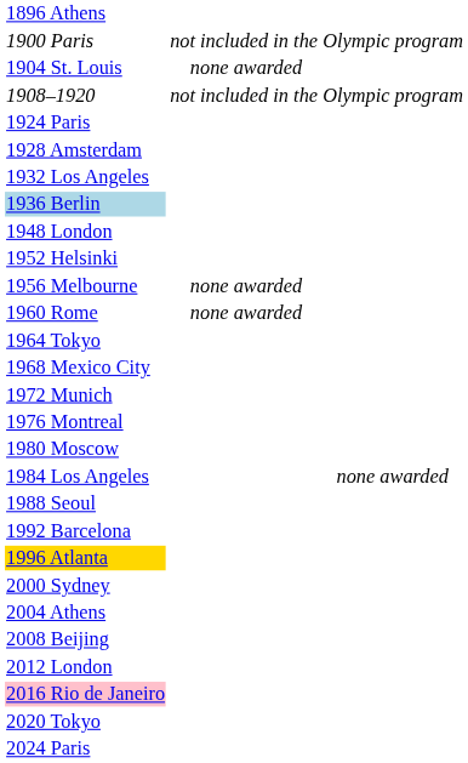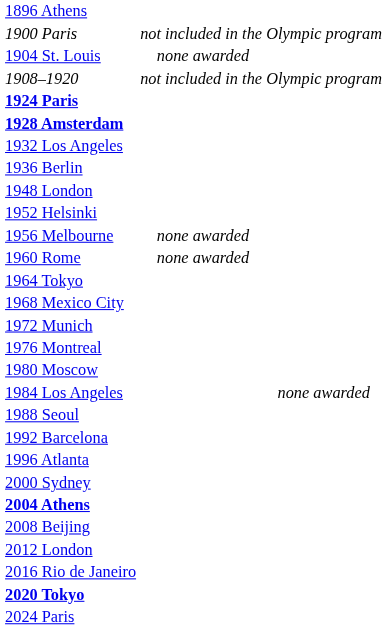 <table>
 <tr>
 <td><a href='#'>1896 Athens</a><br></td>
 <td></td>
 <td></td>
 <td></td>
 </tr>
 <tr>
 <td><em>1900 Paris</em></td>
 <td colspan=3 align=center><em>not included in the Olympic program</em></td>
 </tr>
 <tr valign="top">
 <td rowspan="2"><a href='#'>1904 St. Louis</a><br></td>
 <td></td>
 <td rowspan="2"  align="center"><em>none awarded</em></td>
 <td rowspan="2"></td>
 </tr>
 <tr>
 <td></td>
 </tr>
 <tr>
 <td><em>1908–1920</em></td>
 <td colspan=3 align=center><em>not included in the Olympic program</em></td>
 </tr>
 <tr>
-<td><a href='#'>1924 Paris</a><br></td>
+<td><strong><a href='#'>1924 Paris</a><br></strong></td>
 <td></td>
 <td></td>
 <td></td>
 </tr>
 <tr>
-<td><a href='#'>1928 Amsterdam</a><br></td>
+<td><strong><a href='#'>1928 Amsterdam</a><br></strong></td>
 <td></td>
 <td></td>
 <td></td>
 </tr>
 <tr>
 <td><a href='#'>1932 Los Angeles</a><br></td>
 <td></td>
 <td></td>
 <td></td>
 </tr>
 <tr>
-<td style="background: lightblue;"><a href='#'>1936 Berlin</a><br></td>
+<td><a href='#'>1936 Berlin</a><br></td>
 <td></td>
 <td></td>
 <td></td>
 </tr>
 <tr valign="top">
 <td rowspan="3"><a href='#'>1948 London</a><br></td>
 <td rowspan="3"></td>
 <td rowspan="3"></td>
 <td></td>
 </tr>
 <tr>
 <td></td>
 </tr>
 <tr>
 <td></td>
 </tr>
 <tr valign="top">
 <td rowspan="2"><a href='#'>1952 Helsinki</a><br></td>
 <td rowspan="2"></td>
 <td rowspan="2"></td>
 <td></td>
 </tr>
 <tr>
 <td></td>
 </tr>
 <tr valign="top">
 <td rowspan="2"><a href='#'>1956 Melbourne</a><br></td>
 <td></td>
 <td rowspan="2"  align="center"><em>none awarded</em></td>
 <td rowspan="2"></td>
 </tr>
 <tr>
 <td></td>
 </tr>
 <tr valign="top">
 <td rowspan="2"><a href='#'>1960 Rome</a><br></td>
 <td></td>
 <td rowspan="2"  align="center"><em>none awarded</em></td>
 <td rowspan="2"></td>
 </tr>
 <tr>
 <td></td>
 </tr>
 <tr>
 <td><a href='#'>1964 Tokyo</a><br></td>
 <td></td>
 <td></td>
 <td></td>
 </tr>
 <tr>
 <td><a href='#'>1968 Mexico City</a><br></td>
 <td></td>
 <td></td>
 <td></td>
 </tr>
 <tr>
 <td><a href='#'>1972 Munich</a><br></td>
 <td></td>
 <td></td>
 <td></td>
 </tr>
 <tr>
 <td><a href='#'>1976 Montreal</a><br></td>
 <td></td>
 <td></td>
 <td></td>
 </tr>
 <tr>
 <td><a href='#'>1980 Moscow</a><br></td>
 <td></td>
 <td></td>
 <td></td>
 </tr>
 <tr valign="top">
 <td rowspan="4"><a href='#'>1984 Los Angeles</a><br></td>
 <td rowspan="4"></td>
 <td></td>
 <td rowspan="4"  align="center"><em>none awarded</em></td>
 </tr>
 <tr>
 <td></td>
 </tr>
 <tr>
 <td></td>
 </tr>
 <tr>
 <td></td>
 </tr>
 <tr>
 <td><a href='#'>1988 Seoul</a><br></td>
 <td></td>
 <td></td>
 <td></td>
 </tr>
 <tr>
 <td><a href='#'>1992 Barcelona</a><br></td>
 <td></td>
 <td></td>
 <td></td>
 </tr>
 <tr>
-<td style="background: gold;"><a href='#'>1996 Atlanta</a><br></td>
+<td><a href='#'>1996 Atlanta</a><br></td>
 <td></td>
 <td></td>
 <td></td>
 </tr>
 <tr>
 <td><a href='#'>2000 Sydney</a><br></td>
 <td></td>
 <td></td>
 <td></td>
 </tr>
 <tr>
-<td><a href='#'>2004 Athens</a><br></td>
+<td><strong><a href='#'>2004 Athens</a><br></strong></td>
 <td></td>
 <td></td>
 <td></td>
 </tr>
 <tr>
 <td><a href='#'>2008 Beijing</a><br></td>
 <td></td>
 <td></td>
 <td></td>
 </tr>
 <tr>
 <td><a href='#'>2012 London</a><br></td>
 <td></td>
 <td></td>
 <td></td>
 </tr>
 <tr>
-<td style="background: pink;"><a href='#'>2016 Rio de Janeiro</a><br></td>
+<td><a href='#'>2016 Rio de Janeiro</a><br></td>
 <td></td>
 <td></td>
 <td></td>
 </tr>
 <tr>
-<td><a href='#'>2020 Tokyo</a><br></td>
+<td><strong><a href='#'>2020 Tokyo</a><br></strong></td>
 <td></td>
 <td></td>
 <td></td>
 </tr>
 <tr>
 <td><a href='#'>2024 Paris</a><br></td>
 <td></td>
 <td></td>
 <td></td>
 </tr>
 <tr>
 </tr>
 </table>
